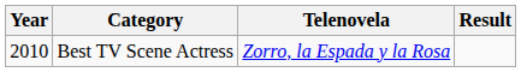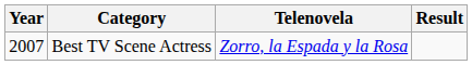 <table class="wikitable">
 <tr style="background:#b0c4de;">
 <th>Year</th>
 <th>Category</th>
 <th>Telenovela</th>
 <th>Result</th>
 </tr>
 <tr>
-<td>2010</td>
+<td>2007</td>
 <td>Best TV Scene Actress</td>
 <td><em><a href='#'>Zorro, la Espada y la Rosa</a></em></td>
 <td></td>
 </tr>
 </table>
